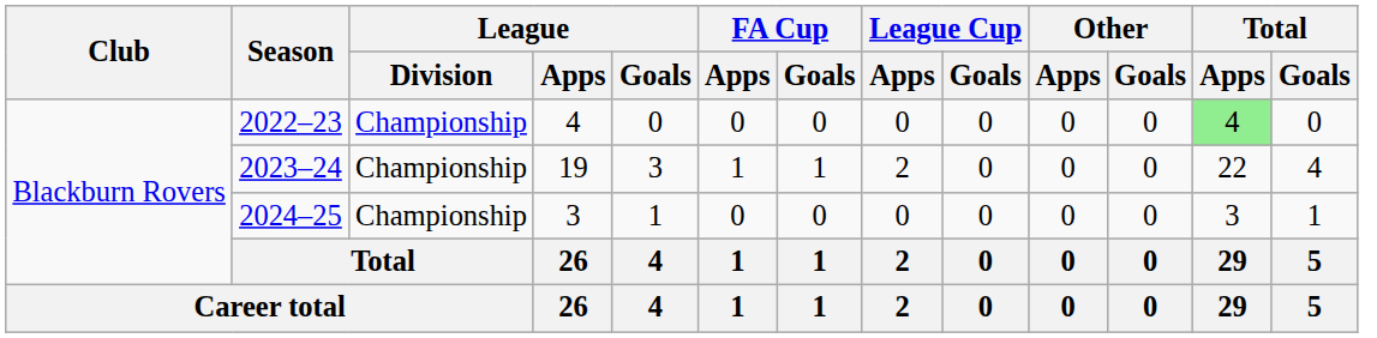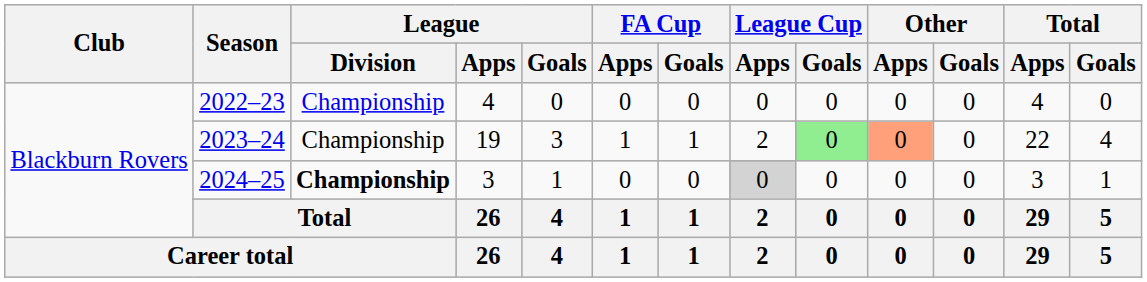 <table class="wikitable" style="text-align: center">
 <tr>
 <th rowspan="2">Club</th>
 <th rowspan="2">Season</th>
 <th colspan="3">League</th>
 <th colspan="2"><a href='#'>FA Cup</a></th>
 <th colspan="2"><a href='#'>League Cup</a></th>
 <th colspan="2">Other</th>
 <th colspan="2">Total</th>
 </tr>
 <tr>
 <th>Division</th>
 <th>Apps</th>
 <th>Goals</th>
 <th>Apps</th>
 <th>Goals</th>
 <th>Apps</th>
 <th>Goals</th>
 <th>Apps</th>
 <th>Goals</th>
 <th>Apps</th>
 <th>Goals</th>
 </tr>
 <tr>
 <td rowspan="4"><a href='#'>Blackburn Rovers</a></td>
 <td><a href='#'>2022–23</a></td>
 <td><a href='#'>Championship</a></td>
 <td>4</td>
 <td>0</td>
 <td>0</td>
 <td>0</td>
 <td>0</td>
 <td>0</td>
 <td>0</td>
 <td>0</td>
-<td style="background: lightgreen;">4</td>
+<td>4</td>
 <td>0</td>
 </tr>
 <tr>
 <td><a href='#'>2023–24</a></td>
 <td>Championship</td>
 <td>19</td>
 <td>3</td>
 <td>1</td>
 <td>1</td>
 <td>2</td>
-<td>0</td>
-<td>0</td>
+<td style="background: lightgreen;">0</td>
+<td style="background: lightsalmon;">0</td>
 <td>0</td>
 <td>22</td>
 <td>4</td>
 </tr>
 <tr>
 <td><a href='#'>2024–25</a></td>
-<td>Championship</td>
+<td><strong>Championship</strong></td>
 <td>3</td>
 <td>1</td>
 <td>0</td>
 <td>0</td>
-<td>0</td>
+<td style="background: lightgrey;">0</td>
 <td>0</td>
 <td>0</td>
 <td>0</td>
 <td>3</td>
 <td>1</td>
 </tr>
 <tr>
 <th colspan="2">Total</th>
 <th>26</th>
 <th>4</th>
 <th>1</th>
 <th>1</th>
 <th>2</th>
 <th>0</th>
 <th>0</th>
 <th>0</th>
 <th>29</th>
 <th>5</th>
 </tr>
 <tr>
 <th colspan="3">Career total</th>
 <th>26</th>
 <th>4</th>
 <th>1</th>
 <th>1</th>
 <th>2</th>
 <th>0</th>
 <th>0</th>
 <th>0</th>
 <th>29</th>
 <th>5</th>
 </tr>
 </table>
